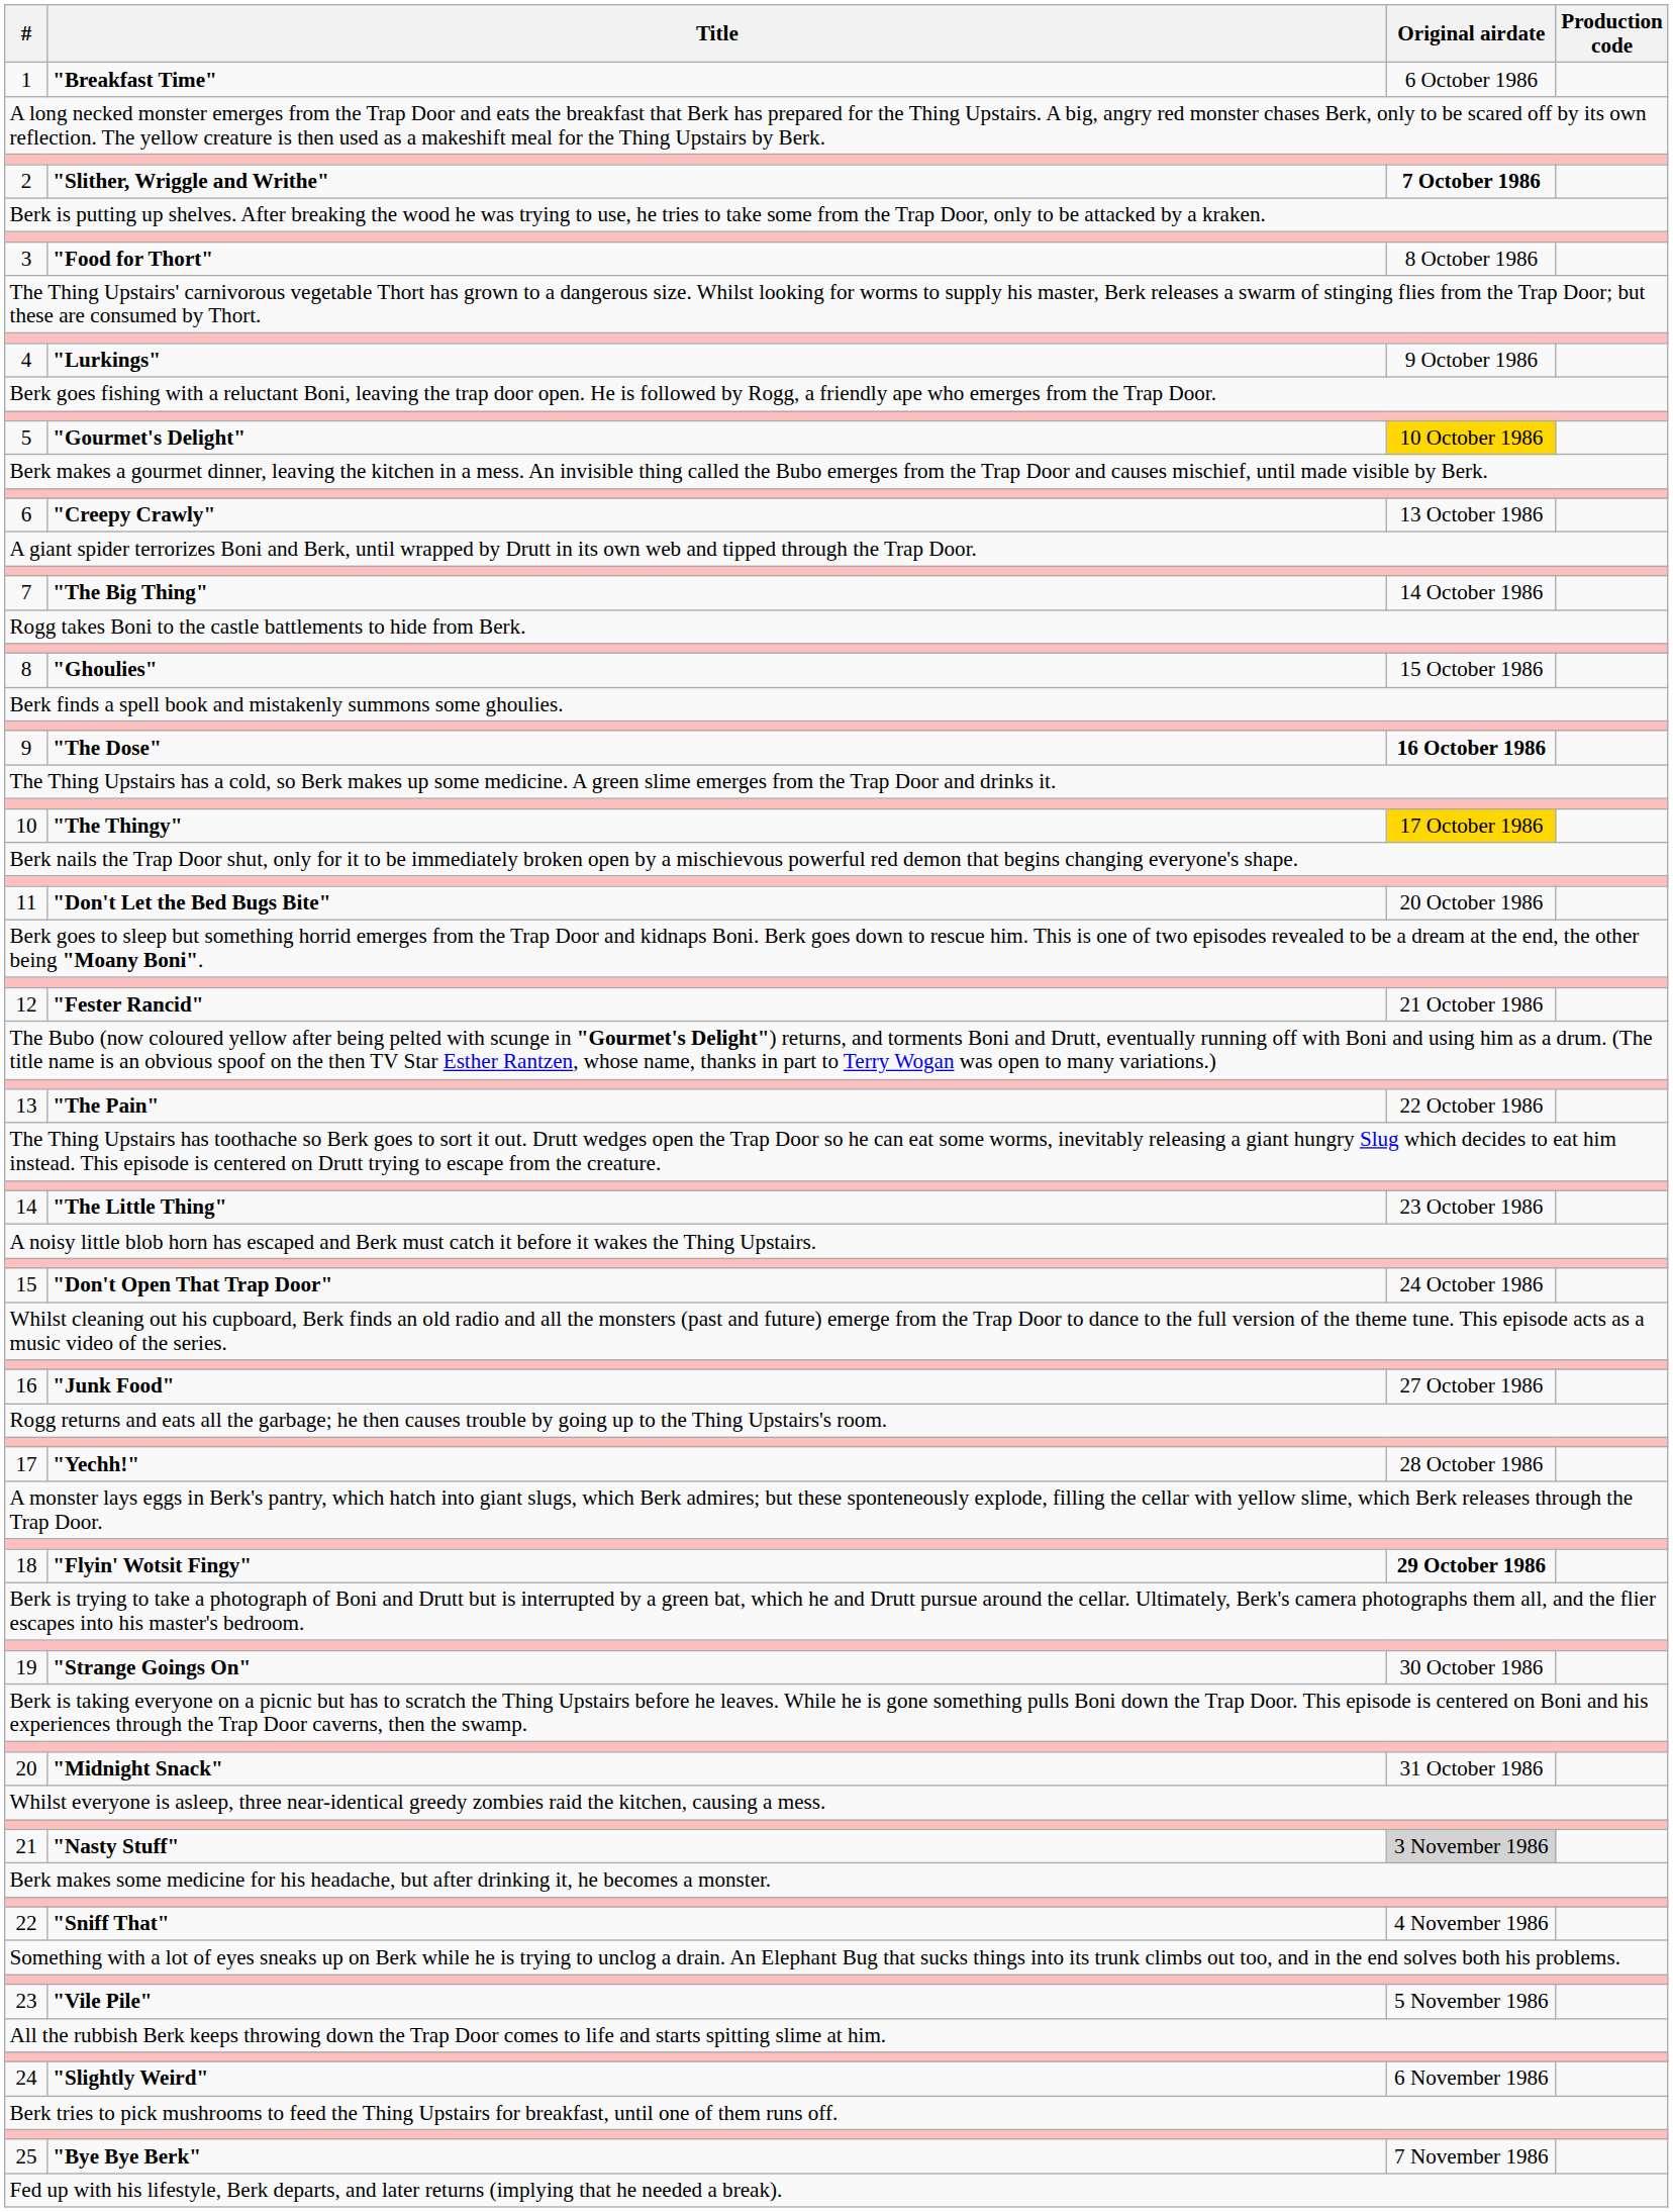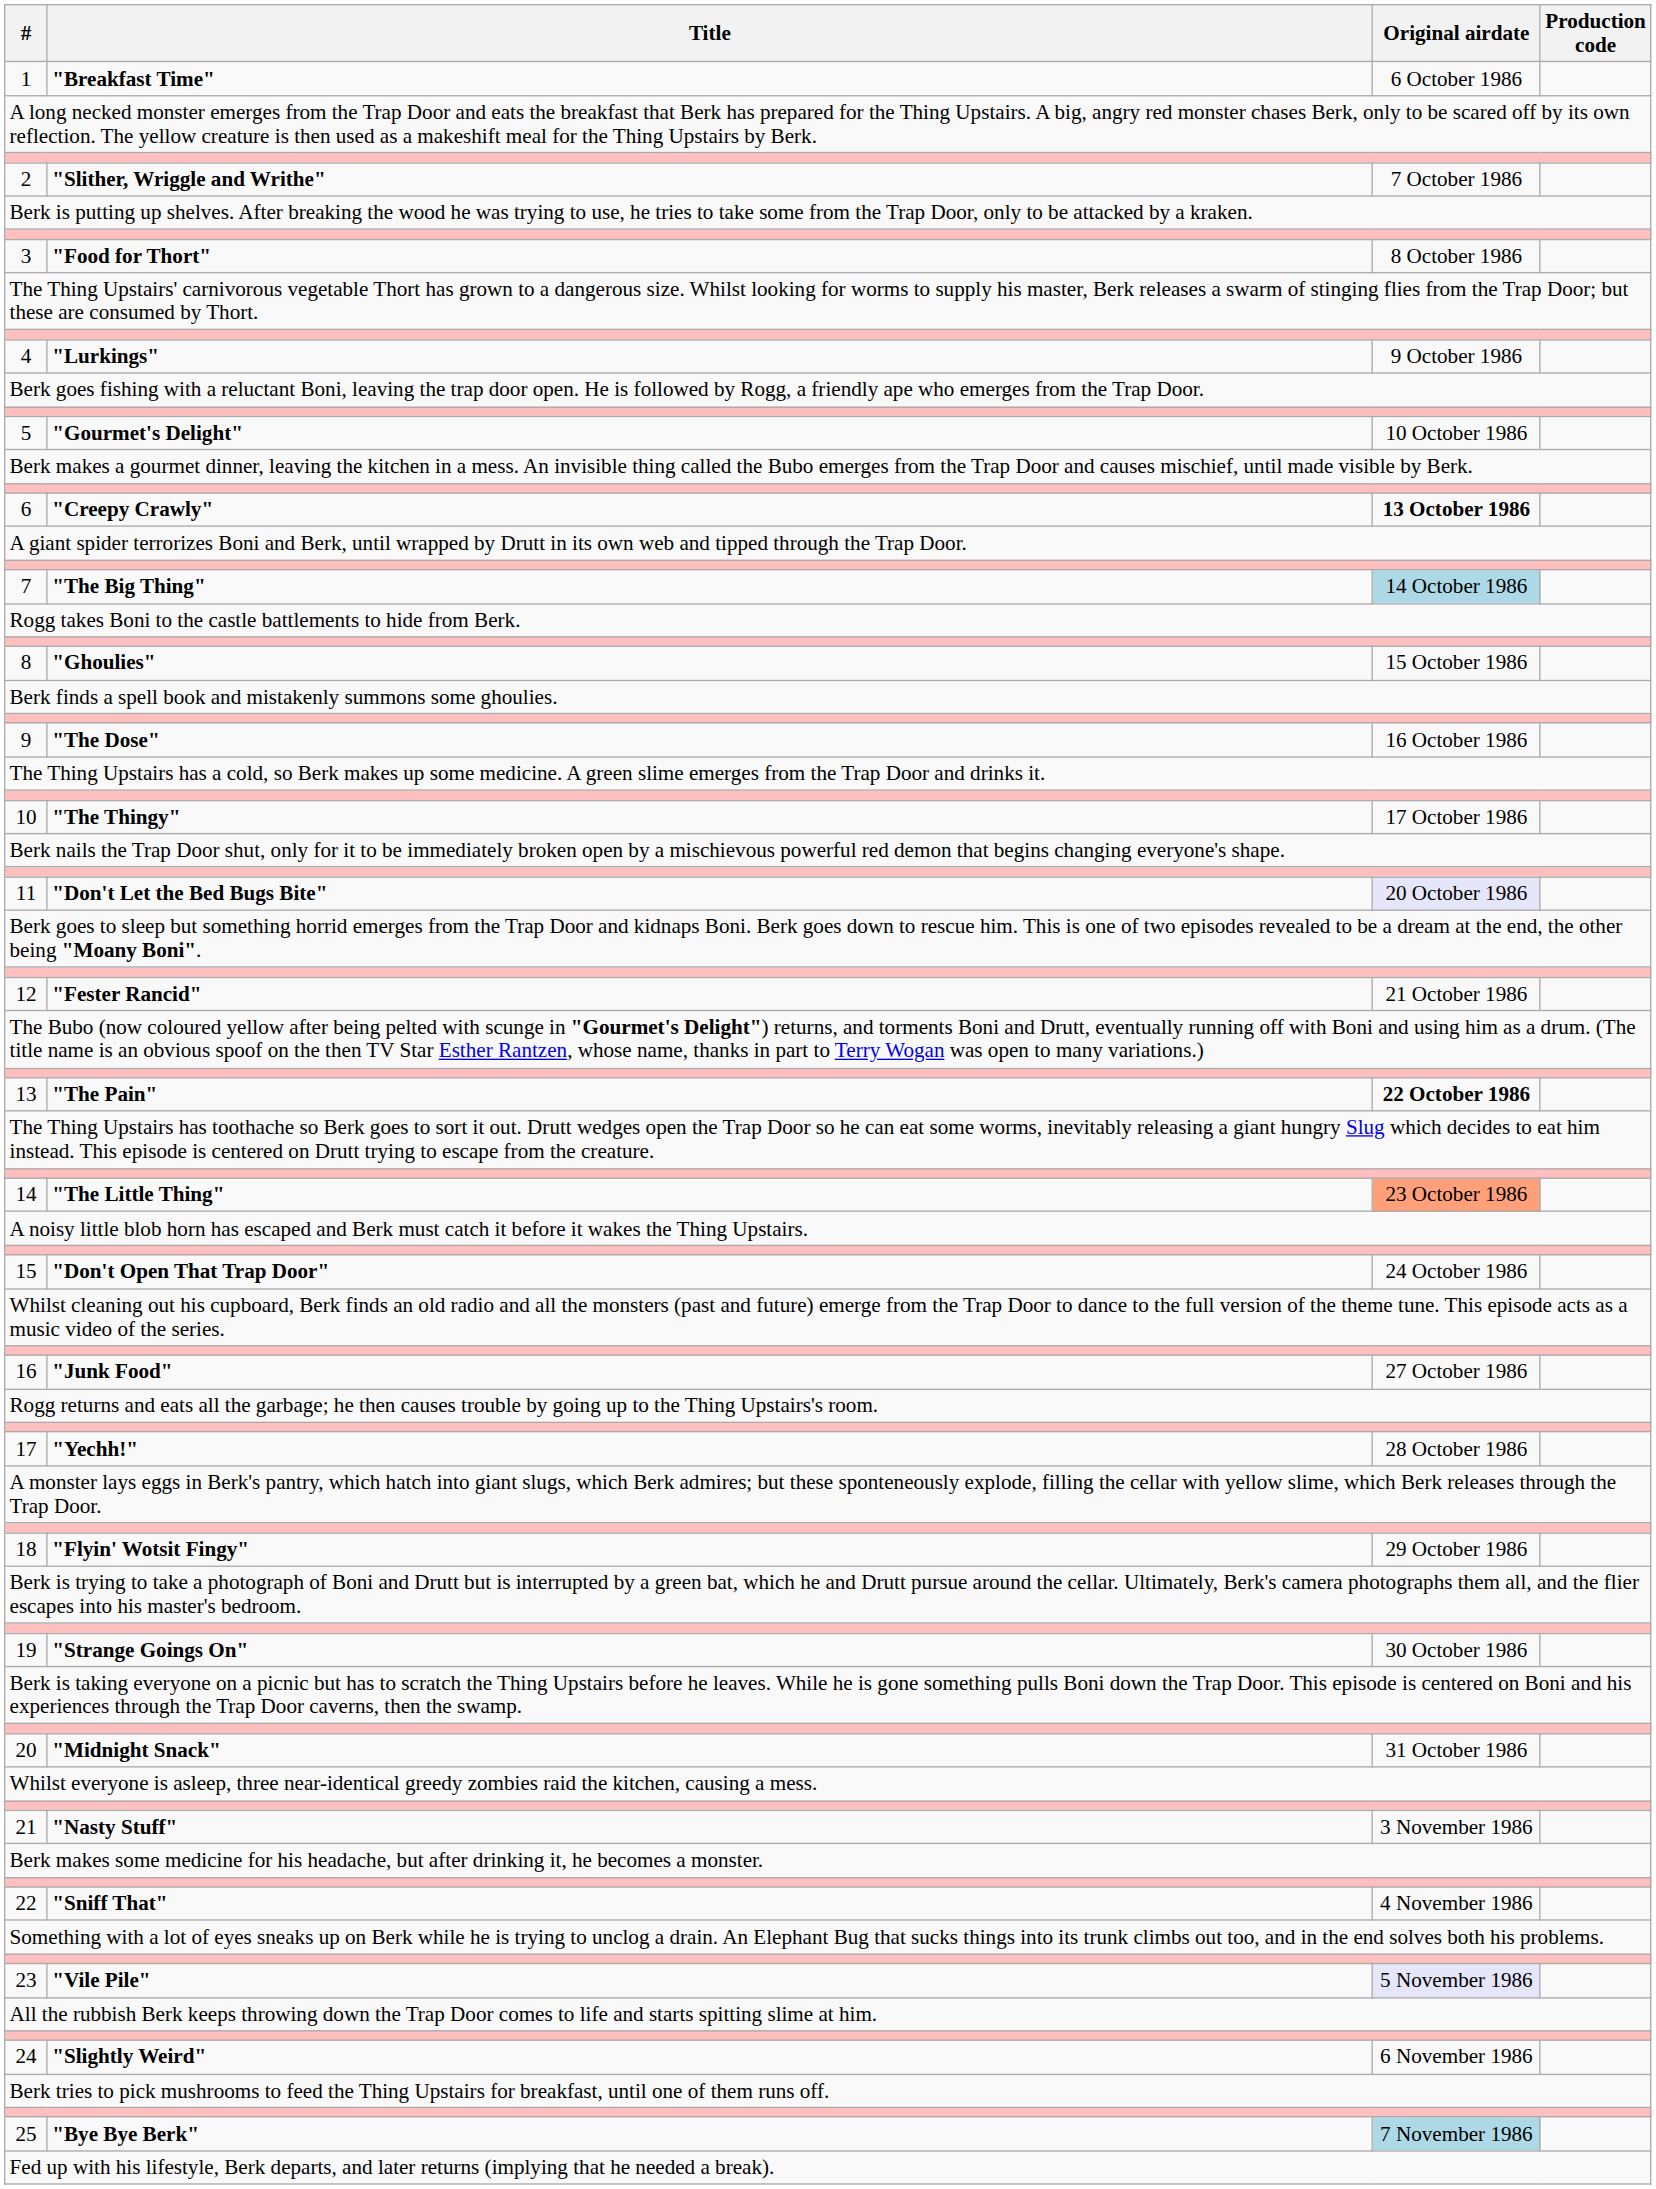 <table class="wikitable">
 <tr>
 <th width="25">#</th>
 <th>Title</th>
 <th width="120">Original airdate</th>
 <th width="50">Production code</th>
 </tr>
 <tr>
 <td align="center">1</td>
 <td><strong>"Breakfast Time"</strong></td>
 <td align="center">6 October 1986</td>
 <td align="center"></td>
 </tr>
 <tr>
 <td colspan="4">A long necked monster emerges from the Trap Door and eats the breakfast that Berk has prepared for the Thing Upstairs. A big, angry red monster chases Berk, only to be scared off by its own reflection. The yellow creature is then used as a makeshift meal for the Thing Upstairs by Berk.</td>
 </tr>
 <tr>
 <td colspan="5" bgcolor="#FFBFBF"></td>
 </tr>
 <tr>
 <td align="center">2</td>
 <td><strong>"Slither, Wriggle and Writhe"</strong></td>
-<td align="center"><strong>7 October 1986</strong></td>
+<td align="center">7 October 1986</td>
 <td align="center"></td>
 </tr>
 <tr>
 <td colspan="4">Berk is putting up shelves.  After breaking the wood he was trying to use, he tries to take some from the Trap Door, only to be attacked by a kraken.</td>
 </tr>
 <tr>
 <td colspan="5" bgcolor="#FFBFBF"></td>
 </tr>
 <tr>
 <td align="center">3</td>
 <td><strong>"Food for Thort"</strong></td>
 <td align="center">8 October 1986</td>
 <td align="center"></td>
 </tr>
 <tr>
 <td colspan="4">The Thing Upstairs' carnivorous vegetable Thort has grown to a dangerous size. Whilst looking for worms to supply his master, Berk releases a swarm of stinging flies from the Trap Door; but these are consumed by Thort.</td>
 </tr>
 <tr>
 <td colspan="5" bgcolor="#FFBFBF"></td>
 </tr>
 <tr>
 <td align="center">4</td>
 <td><strong>"Lurkings"</strong></td>
 <td align="center">9 October 1986</td>
 <td align="center"></td>
 </tr>
 <tr>
 <td colspan="4">Berk goes fishing with a reluctant Boni, leaving the trap door open.  He is followed by Rogg, a friendly ape who emerges from the Trap Door.</td>
 </tr>
 <tr>
 <td colspan="5" bgcolor="#FFBFBF"></td>
 </tr>
 <tr>
 <td align="center">5</td>
 <td><strong>"Gourmet's Delight"</strong></td>
-<td align="center" style="background: gold;">10 October 1986</td>
+<td align="center">10 October 1986</td>
 <td align="center"></td>
 </tr>
 <tr>
 <td colspan="4">Berk makes a gourmet dinner, leaving the kitchen in a mess. An invisible thing called the Bubo emerges from the Trap Door and causes mischief, until made visible by Berk.</td>
 </tr>
 <tr>
 <td colspan="5" bgcolor="#FFBFBF"></td>
 </tr>
 <tr>
 <td align="center">6</td>
 <td><strong>"Creepy Crawly"</strong></td>
-<td align="center">13 October 1986</td>
+<td align="center"><strong>13 October 1986</strong></td>
 <td align="center"></td>
 </tr>
 <tr>
 <td colspan="4">A giant spider terrorizes Boni and Berk, until wrapped by Drutt in its own web and tipped through the Trap Door.</td>
 </tr>
 <tr>
 <td colspan="5" bgcolor="#FFBFBF"></td>
 </tr>
 <tr>
 <td align="center">7</td>
 <td><strong>"The Big Thing"</strong></td>
-<td align="center">14 October 1986</td>
+<td align="center" style="background: lightblue;">14 October 1986</td>
 <td align="center"></td>
 </tr>
 <tr>
 <td colspan="4">Rogg takes Boni to the castle battlements to hide from Berk.</td>
 </tr>
 <tr>
 <td colspan="5" bgcolor="#FFBFBF"></td>
 </tr>
 <tr>
 <td align="center">8</td>
 <td><strong>"Ghoulies"</strong></td>
 <td align="center">15 October 1986</td>
 <td align="center"></td>
 </tr>
 <tr>
 <td colspan="4">Berk finds a spell book and mistakenly summons some ghoulies.</td>
 </tr>
 <tr>
 <td colspan="5" bgcolor="#FFBFBF"></td>
 </tr>
 <tr>
 <td align="center">9</td>
 <td><strong>"The Dose"</strong></td>
-<td align="center"><strong>16 October 1986</strong></td>
+<td align="center">16 October 1986</td>
 <td align="center"></td>
 </tr>
 <tr>
 <td colspan="4">The Thing Upstairs has a cold, so Berk makes up some medicine. A green slime emerges from the Trap Door and drinks it.</td>
 </tr>
 <tr>
 <td colspan="5" bgcolor="#FFBFBF"></td>
 </tr>
 <tr>
 <td align="center">10</td>
 <td><strong>"The Thingy"</strong></td>
-<td align="center" style="background: gold;">17 October 1986</td>
+<td align="center">17 October 1986</td>
 <td align="center"></td>
 </tr>
 <tr>
 <td colspan="4">Berk nails the Trap Door shut, only for it to be immediately broken open by a mischievous powerful red demon that begins changing everyone's shape.</td>
 </tr>
 <tr>
 <td colspan="5" bgcolor="#FFBFBF"></td>
 </tr>
 <tr>
 <td align="center">11</td>
 <td><strong>"Don't Let the Bed Bugs Bite"</strong></td>
-<td align="center">20 October 1986</td>
+<td align="center" style="background: lavender;">20 October 1986</td>
 <td align="center"></td>
 </tr>
 <tr>
 <td colspan="4">Berk goes to sleep but something horrid emerges from the Trap Door and kidnaps Boni. Berk goes down to rescue him. This is one of two episodes  revealed to be a dream at the end, the other being <strong>"Moany Boni"</strong>.</td>
 </tr>
 <tr>
 <td colspan="5" bgcolor="#FFBFBF"></td>
 </tr>
 <tr>
 <td align="center">12</td>
 <td><strong>"Fester Rancid"</strong></td>
 <td align="center">21 October 1986</td>
 <td align="center"></td>
 </tr>
 <tr>
 <td colspan="4">The Bubo (now coloured yellow after being pelted with scunge in <strong>"Gourmet's Delight"</strong>) returns, and torments Boni and Drutt, eventually running off with Boni and using him as a drum.  (The title name is an obvious spoof on the then TV Star <a href='#'>Esther Rantzen</a>, whose name, thanks in part to <a href='#'>Terry Wogan</a> was open to many variations.)</td>
 </tr>
 <tr>
 <td colspan="5" bgcolor="#FFBFBF"></td>
 </tr>
 <tr>
 <td align="center">13</td>
 <td><strong>"The Pain"</strong></td>
-<td align="center">22 October 1986</td>
+<td align="center"><strong>22 October 1986</strong></td>
 <td align="center"></td>
 </tr>
 <tr>
 <td colspan="4">The Thing Upstairs has toothache so Berk goes to sort it out. Drutt wedges open the Trap Door so he can eat some worms, inevitably releasing a giant hungry <a href='#'>Slug</a> which decides to eat him instead. This episode is centered on Drutt trying to escape from the creature.</td>
 </tr>
 <tr>
 <td colspan="5" bgcolor="#FFBFBF"></td>
 </tr>
 <tr>
 <td align="center">14</td>
 <td><strong>"The Little Thing"</strong></td>
-<td align="center">23 October 1986</td>
+<td align="center" style="background: lightsalmon;">23 October 1986</td>
 <td align="center"></td>
 </tr>
 <tr>
 <td colspan="4">A noisy little blob horn has escaped and Berk must catch it before it wakes the Thing Upstairs.</td>
 </tr>
 <tr>
 <td colspan="5" bgcolor="#FFBFBF"></td>
 </tr>
 <tr>
 <td align="center">15</td>
 <td><strong>"Don't Open That Trap Door"</strong></td>
 <td align="center">24 October 1986</td>
 <td align="center"></td>
 </tr>
 <tr>
 <td colspan="4">Whilst cleaning out his cupboard, Berk finds an old radio and all the monsters (past and future) emerge from the Trap Door to dance to the full version of the theme tune. This episode acts as a music video of the series.</td>
 </tr>
 <tr>
 <td colspan="5" bgcolor="#FFBFBF"></td>
 </tr>
 <tr>
 <td align="center">16</td>
 <td><strong>"Junk Food"</strong></td>
 <td align="center">27 October 1986</td>
 <td align="center"></td>
 </tr>
 <tr>
 <td colspan="4">Rogg returns and eats all the garbage; he then causes trouble by going up to the Thing Upstairs's room.</td>
 </tr>
 <tr>
 <td colspan="5" bgcolor="#FFBFBF"></td>
 </tr>
 <tr>
 <td align="center">17</td>
 <td><strong>"Yechh!"</strong></td>
 <td align="center">28 October 1986</td>
 <td align="center"></td>
 </tr>
 <tr>
 <td colspan="4">A monster lays eggs in Berk's pantry, which hatch into giant slugs, which Berk admires; but these sponteneously explode, filling the cellar with yellow slime, which Berk releases through the Trap Door.</td>
 </tr>
 <tr>
 <td colspan="5" bgcolor="#FFBFBF"></td>
 </tr>
 <tr>
 <td align="center">18</td>
 <td><strong>"Flyin' Wotsit Fingy"</strong></td>
-<td align="center"><strong>29 October 1986</strong></td>
+<td align="center">29 October 1986</td>
 <td align="center"></td>
 </tr>
 <tr>
 <td colspan="4">Berk is trying to take a photograph of Boni and Drutt but is interrupted by a green bat, which he and Drutt pursue around the cellar. Ultimately, Berk's camera photographs them all, and the flier escapes into his master's bedroom.</td>
 </tr>
 <tr>
 <td colspan="5" bgcolor="#FFBFBF"></td>
 </tr>
 <tr>
 <td align="center">19</td>
 <td><strong>"Strange Goings On"</strong></td>
 <td align="center">30 October 1986</td>
 <td align="center"></td>
 </tr>
 <tr>
 <td colspan="4">Berk is taking everyone on a picnic but has to scratch the Thing Upstairs before he leaves. While he is gone something pulls Boni down the Trap Door. This episode is centered on Boni and his experiences through the Trap Door caverns, then the swamp.</td>
 </tr>
 <tr>
 <td colspan="5" bgcolor="#FFBFBF"></td>
 </tr>
 <tr>
 <td align="center">20</td>
 <td><strong>"Midnight Snack"</strong></td>
 <td align="center">31 October 1986</td>
 <td align="center"></td>
 </tr>
 <tr>
 <td colspan="4">Whilst everyone is asleep, three near-identical greedy zombies raid the kitchen, causing a mess.</td>
 </tr>
 <tr>
 <td colspan="5" bgcolor="#FFBFBF"></td>
 </tr>
 <tr>
 <td align="center">21</td>
 <td><strong>"Nasty Stuff"</strong></td>
-<td align="center" style="background: lightgrey;">3 November 1986</td>
+<td align="center">3 November 1986</td>
 <td align="center"></td>
 </tr>
 <tr>
 <td colspan="4">Berk makes some medicine for his headache, but after drinking it, he becomes a monster.</td>
 </tr>
 <tr>
 <td colspan="5" bgcolor="#FFBFBF"></td>
 </tr>
 <tr>
 <td align="center">22</td>
 <td><strong>"Sniff That"</strong></td>
 <td align="center">4 November 1986</td>
 <td align="center"></td>
 </tr>
 <tr>
 <td colspan="4">Something with a lot of eyes sneaks up on Berk while he is trying to unclog a drain. An Elephant Bug that sucks things into its trunk climbs out too, and in the end solves both his problems.</td>
 </tr>
 <tr>
 <td colspan="5" bgcolor="#FFBFBF"></td>
 </tr>
 <tr>
 <td align="center">23</td>
 <td><strong>"Vile Pile"</strong></td>
-<td align="center">5 November 1986</td>
+<td align="center" style="background: lavender;">5 November 1986</td>
 <td align="center"></td>
 </tr>
 <tr>
 <td colspan="4">All the rubbish Berk keeps throwing down the Trap Door comes to life and starts spitting slime at him.</td>
 </tr>
 <tr>
 <td colspan="5" bgcolor="#FFBFBF"></td>
 </tr>
 <tr>
 <td align="center">24</td>
 <td><strong>"Slightly Weird"</strong></td>
 <td align="center">6 November 1986</td>
 <td align="center"></td>
 </tr>
 <tr>
 <td colspan="4">Berk tries to pick mushrooms to feed the Thing Upstairs for breakfast, until one of them runs off.</td>
 </tr>
 <tr>
 <td colspan="5" bgcolor="#FFBFBF"></td>
 </tr>
 <tr>
 <td align="center">25</td>
 <td><strong>"Bye Bye Berk"</strong></td>
-<td align="center">7 November 1986</td>
+<td align="center" style="background: lightblue;">7 November 1986</td>
 <td align="center"></td>
 </tr>
 <tr>
 <td colspan="4">Fed up with his lifestyle, Berk departs, and later returns (implying that he needed a break).</td>
 </tr>
 </table>
